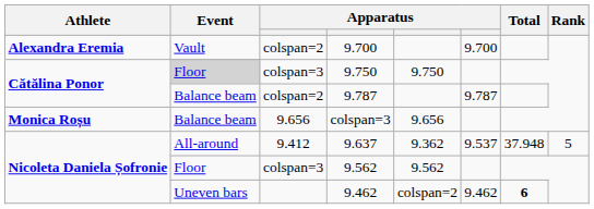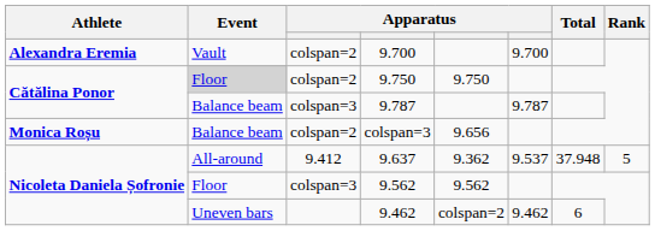 <table class="wikitable" style="font-size:90%">
 <tr>
 <th rowspan=2>Athlete</th>
 <th rowspan=2>Event</th>
 <th colspan =4>Apparatus</th>
 <th rowspan=2>Total</th>
 <th rowspan=2>Rank</th>
 </tr>
 <tr style="font-size:95%">
 <th></th>
 <th></th>
 <th></th>
 <th></th>
 </tr>
 <tr align=center>
 <td align=left><strong><a href='#'>Alexandra Eremia</a></strong></td>
 <td align=left><a href='#'>Vault</a></td>
 <td>colspan=2 </td>
 <td>9.700</td>
 <td></td>
 <td>9.700</td>
 <td></td>
 </tr>
 <tr align=center>
 <td align=left rowspan=2><strong><a href='#'>Cătălina Ponor</a></strong></td>
 <td align=left style="background: lightgrey;"><a href='#'>Floor</a></td>
-<td>colspan=3 </td>
+<td>colspan=2 </td>
 <td>9.750</td>
 <td>9.750</td>
 <td></td>
 </tr>
 <tr align=center>
 <td align=left><a href='#'>Balance beam</a></td>
-<td>colspan=2 </td>
+<td>colspan=3 </td>
 <td>9.787</td>
 <td></td>
 <td>9.787</td>
 <td></td>
 </tr>
 <tr align=center>
 <td align=left><strong><a href='#'>Monica Roșu</a></strong></td>
 <td align=left><a href='#'>Balance beam</a></td>
-<td>9.656</td>
+<td>colspan=2 </td>
 <td>colspan=3 </td>
 <td>9.656</td>
 <td></td>
 </tr>
 <tr align=center>
 <td align=left rowspan=3><strong><a href='#'>Nicoleta Daniela Șofronie</a></strong></td>
 <td align=left><a href='#'>All-around</a></td>
 <td>9.412</td>
 <td>9.637</td>
 <td>9.362</td>
 <td>9.537</td>
 <td>37.948</td>
 <td>5</td>
 </tr>
 <tr align=center>
 <td align=left><a href='#'>Floor</a></td>
 <td>colspan=3 </td>
 <td>9.562</td>
 <td>9.562</td>
 <td></td>
 </tr>
 <tr align=center>
 <td align=left><a href='#'>Uneven bars</a></td>
 <td></td>
 <td>9.462</td>
 <td>colspan=2 </td>
 <td>9.462</td>
-<td><strong>6</strong></td>
+<td>6</td>
 </tr>
 </table>
